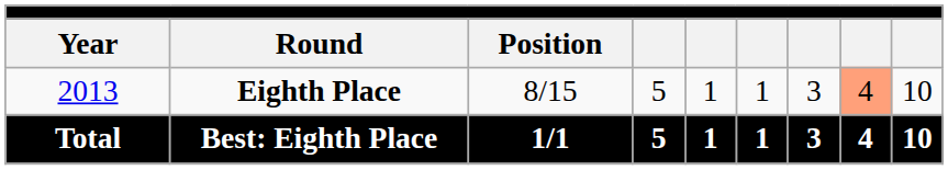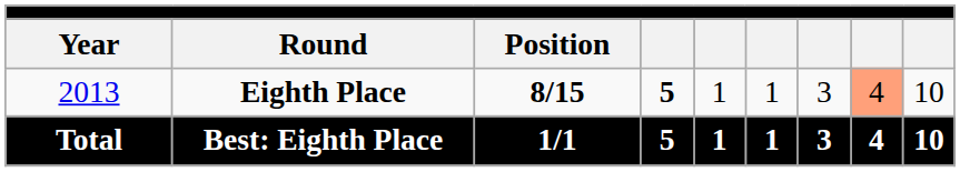 <table class="wikitable" style="text-align: center;">
 <tr>
 <th colspan=9 style="background: #000000; color: #FFFFFF;"><a href='#'></a></th>
 </tr>
 <tr>
 <th width=80>Year</th>
 <th width=150>Round</th>
 <th width=80>Position</th>
 <th width=20></th>
 <th width=20></th>
 <th width=20></th>
 <th width=20></th>
 <th width=20></th>
 <th width=20></th>
 </tr>
 <tr>
 <td> <a href='#'>2013</a></td>
 <td><strong>Eighth Place</strong></td>
-<td>8/15</td>
-<td>5</td>
+<td><strong>8/15</strong></td>
+<td><strong>5</strong></td>
 <td>1</td>
 <td>1</td>
 <td>3</td>
 <td style="background: lightsalmon;">4</td>
 <td>10</td>
 </tr>
 <tr>
 <td style="background: #000000; color: #FFFFFF;"><strong>Total</strong></td>
 <td style="background: #000000; color: #FFFFFF;"><strong>Best: Eighth Place</strong></td>
 <td style="background: #000000; color: #FFFFFF;"><strong>1/1</strong></td>
 <td style="background: #000000; color: #FFFFFF;"><strong>5</strong></td>
 <td style="background: #000000; color: #FFFFFF;"><strong>1</strong></td>
 <td style="background: #000000; color: #FFFFFF;"><strong>1</strong></td>
 <td style="background: #000000; color: #FFFFFF;"><strong>3</strong></td>
 <td style="background: #000000; color: #FFFFFF;"><strong>4</strong></td>
 <td style="background: #000000; color: #FFFFFF;"><strong>10</strong></td>
 </tr>
 </table>
